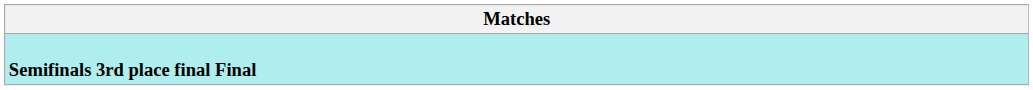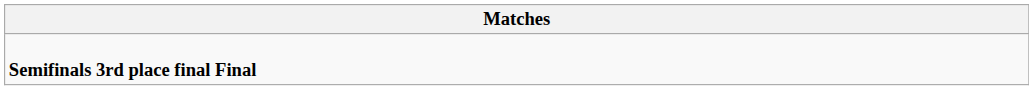 <table class="wikitable collapsible collapsed" style="width:100%;">
 <tr>
 <th>Matches</th>
 </tr>
 <tr>
-<td style="background: paleturquoise;"><br><strong>Semifinals</strong>   <strong>3rd place final</strong>  <strong>Final</strong> </td>
+<td><br><strong>Semifinals</strong>   <strong>3rd place final</strong>  <strong>Final</strong> </td>
 </tr>
 </table>
